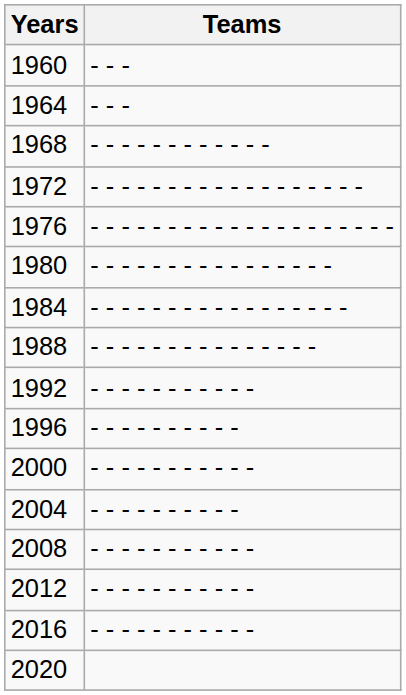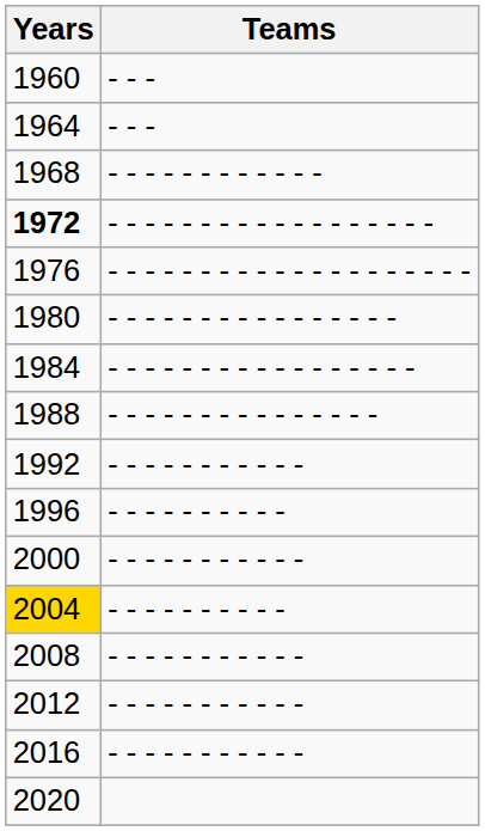 <table class="wikitable">
 <tr>
 <th>Years</th>
 <th>Teams</th>
 </tr>
 <tr>
 <td>1960</td>
 <td> -  -  - </td>
 </tr>
 <tr>
 <td>1964</td>
 <td> -  -  - </td>
 </tr>
 <tr>
 <td>1968</td>
 <td> -  -  -  -  -  -  -  -  -  -  -  - </td>
 </tr>
 <tr>
-<td>1972</td>
+<td><strong>1972</strong></td>
 <td> -  -  -  -  -  -  -  -  -  -  -  -  -  -  -  -  -  - </td>
 </tr>
 <tr>
 <td>1976</td>
 <td> -  -  -  -  -  -  -  -  -  -  -  -  -  -  -  -  - -  -  - </td>
 </tr>
 <tr>
 <td>1980</td>
 <td> -  -  -  -  -  -  -  -  -  -  -  -  -  -  -  - </td>
 </tr>
 <tr>
 <td>1984</td>
 <td> -  -  -  -  -  -  -  -  -  -  -  -  -  -  -  -  - </td>
 </tr>
 <tr>
 <td>1988</td>
 <td> -  -  -  -  -  - -  -  -  -  -  -  -   -  - </td>
 </tr>
 <tr>
 <td>1992</td>
 <td> -  -  -  -  -  -  -  -  -  -  - </td>
 </tr>
 <tr>
 <td>1996</td>
 <td> -  -  -  -  -  -  -  -  -  - </td>
 </tr>
 <tr>
 <td>2000</td>
 <td> -  -  -  -  -  -  -  -  - -  - </td>
 </tr>
 <tr>
-<td>2004</td>
+<td style="background: gold;">2004</td>
 <td> -  -   -  -  -  -  -  -  -  - </td>
 </tr>
 <tr>
 <td>2008</td>
 <td> -  -  -  -  -  -  -  -  -  -  - </td>
 </tr>
 <tr>
 <td>2012</td>
 <td> -  -  -  -  -  -  -  -  -  -  - </td>
 </tr>
 <tr>
 <td>2016</td>
 <td> -  -  -  -  -  -  -  -  -  -  - </td>
 </tr>
 <tr>
 <td>2020</td>
 <td></td>
 </tr>
 </table>
